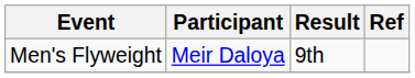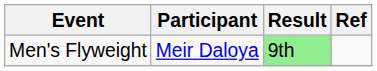 <table class="wikitable" style="font-size: 95%;">
 <tr>
 <th>Event</th>
 <th>Participant</th>
 <th>Result</th>
 <th>Ref</th>
 </tr>
 <tr>
 <td>Men's Flyweight</td>
 <td><a href='#'>Meir Daloya</a></td>
-<td>9th</td>
+<td style="background: lightgreen;">9th</td>
 <td></td>
 </tr>
 <tr>
 </tr>
 </table>
